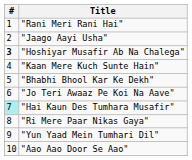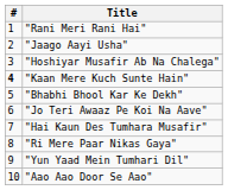 <table class="wikitable" style="font-size:95%;">
 <tr>
 <th>#</th>
 <th>Title</th>
 </tr>
 <tr>
 <td>1</td>
 <td>"Rani Meri Rani Hai"</td>
 </tr>
 <tr>
 <td>2</td>
 <td>"Jaago Aayi Usha"</td>
 </tr>
 <tr>
-<td><strong>3</strong></td>
+<td>3</td>
 <td>"Hoshiyar Musafir Ab Na Chalega"</td>
 </tr>
 <tr>
-<td>4</td>
+<td><strong>4</strong></td>
 <td>"Kaan Mere Kuch Sunte Hain"</td>
 </tr>
 <tr>
 <td>5</td>
 <td>"Bhabhi Bhool Kar Ke Dekh"</td>
 </tr>
 <tr>
 <td>6</td>
 <td>"Jo Teri Awaaz Pe Koi Na Aave"</td>
 </tr>
 <tr>
-<td style="background: paleturquoise;">7</td>
+<td>7</td>
 <td>"Hai Kaun Des Tumhara Musafir"</td>
 </tr>
 <tr>
 <td>8</td>
 <td>"Ri Mere Paar Nikas Gaya"</td>
 </tr>
 <tr>
 <td>9</td>
 <td>"Yun Yaad Mein Tumhari Dil"</td>
 </tr>
 <tr>
 <td>10</td>
 <td>"Aao Aao Door Se Aao"</td>
 </tr>
 </table>
